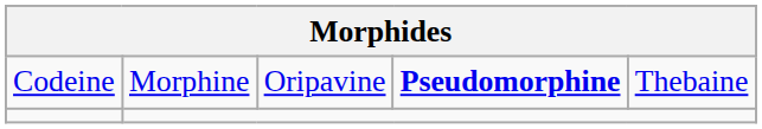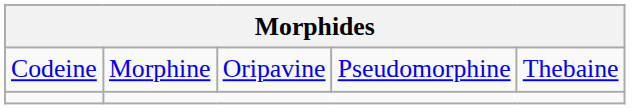 <table class="wikitable" style="font-size:smaller; text-align:center">
 <tr>
 <th colspan="5">Morphides</th>
 </tr>
 <tr>
 <td> <a href='#'>Codeine</a></td>
 <td> <a href='#'>Morphine</a></td>
 <td> <a href='#'>Oripavine</a></td>
-<td><strong> <a href='#'>Pseudomorphine</a></strong></td>
+<td> <a href='#'>Pseudomorphine</a></td>
 <td> <a href='#'>Thebaine</a></td>
 </tr>
 <tr>
 <td></td>
 </tr>
 </table>
